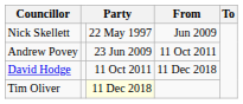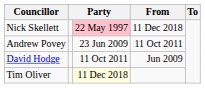 <table class=wikitable>
 <tr>
 <th>Councillor</th>
 <th colspan=2>Party</th>
 <th>From</th>
 <th>To</th>
 </tr>
 <tr>
 <td>Nick Skellett</td>
 <td></td>
-<td align=right>22 May 1997</td>
-<td align=right>Jun 2009</td>
+<td align=right style="background: pink;">22 May 1997</td>
+<td align=right>11 Dec 2018</td>
 </tr>
 <tr>
 <td>Andrew Povey</td>
 <td></td>
 <td align=right>23 Jun 2009</td>
 <td align=right>11 Oct 2011</td>
 </tr>
 <tr>
 <td><a href='#'>David Hodge</a></td>
 <td></td>
 <td align=right>11 Oct 2011</td>
-<td align=right>11 Dec 2018</td>
+<td align=right>Jun 2009</td>
 </tr>
 <tr>
 <td>Tim Oliver</td>
 <td></td>
 <td align=right style="background: lightyellow;">11 Dec 2018</td>
 <td></td>
 </tr>
 </table>
